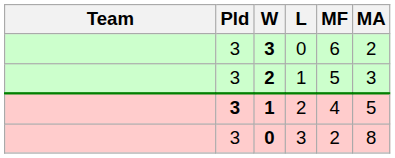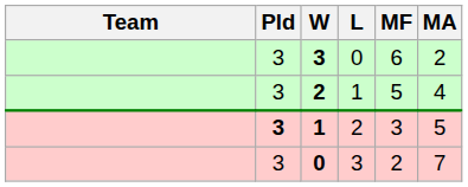 <table class=wikitable style="text-align:center">
 <tr>
 <th width=175>Team</th>
 <th width=20>Pld</th>
 <th width=20>W</th>
 <th width=20>L</th>
 <th width=20>MF</th>
 <th width=20>MA</th>
 </tr>
 <tr bgcolor=ccffcc>
 <td style="text-align:left"></td>
 <td>3</td>
 <td><strong>3</strong></td>
 <td>0</td>
 <td>6</td>
 <td>2</td>
 </tr>
 <tr bgcolor=ccffcc style="border-bottom:2px solid green;">
 <td style="text-align:left"></td>
 <td>3</td>
 <td><strong>2</strong></td>
 <td>1</td>
 <td>5</td>
-<td>3</td>
+<td>4</td>
 </tr>
 <tr bgcolor=ffcccc>
 <td style="text-align:left"></td>
 <td><strong>3</strong></td>
 <td><strong>1</strong></td>
 <td>2</td>
-<td>4</td>
+<td>3</td>
 <td>5</td>
 </tr>
 <tr bgcolor=ffcccc>
 <td style="text-align:left"></td>
 <td>3</td>
 <td><strong>0</strong></td>
 <td>3</td>
 <td>2</td>
-<td>8</td>
+<td>7</td>
 </tr>
 </table>
